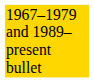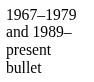 <table width="90">
 <tr>
 <td></td>
 </tr>
 <tr>
-<td style="background: gold;"><div>1967–1979 and 1989–present bullet</div></td>
+<td><div>1967–1979 and 1989–present bullet</div></td>
 </tr>
 </table>
